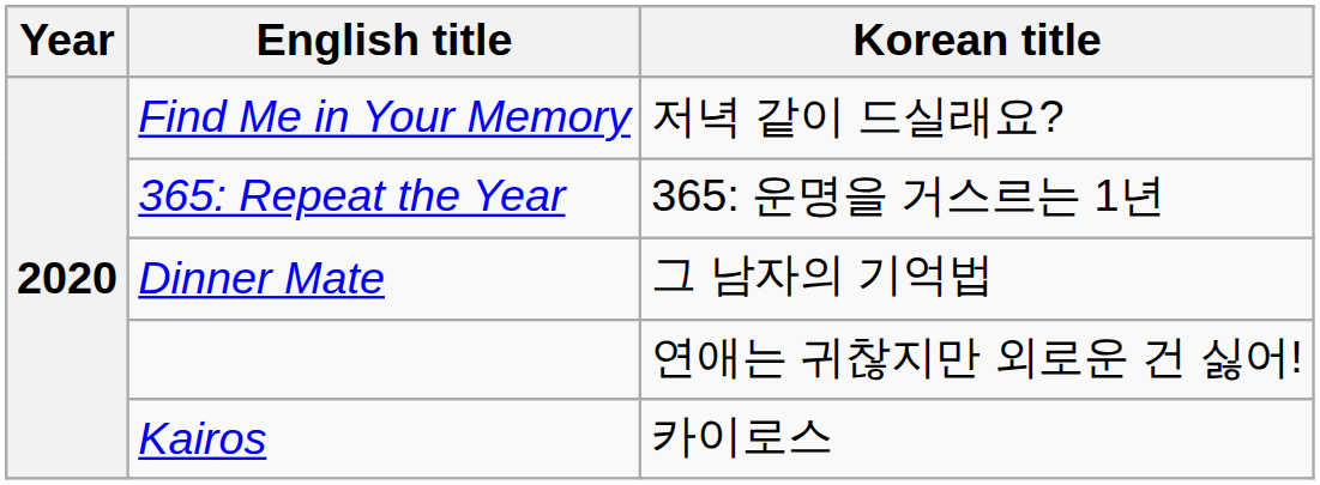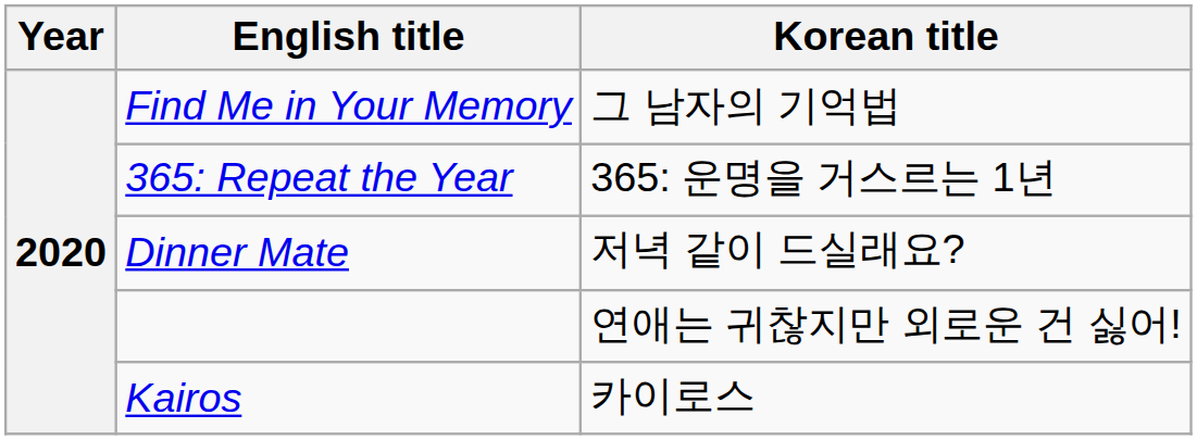 <table class="wikitable sortable plainrowheaders">
 <tr>
 <th scope="col">Year</th>
 <th scope="col">English title</th>
 <th scope="col">Korean title</th>
 </tr>
 <tr>
 <th scope="row" rowspan="5">2020</th>
 <td><em><a href='#'>Find Me in Your Memory</a></em></td>
-<td>저녁 같이 드실래요?</td>
+<td>그 남자의 기억법</td>
 </tr>
 <tr>
 <td><em><a href='#'>365: Repeat the Year</a></em></td>
 <td>365: 운명을 거스르는 1년</td>
 </tr>
 <tr>
 <td><em><a href='#'>Dinner Mate</a></em></td>
-<td>그 남자의 기억법</td>
+<td>저녁 같이 드실래요?</td>
 </tr>
 <tr>
 <td><em></em></td>
 <td>연애는 귀찮지만 외로운 건 싫어!</td>
 </tr>
 <tr>
 <td><em><a href='#'>Kairos</a></em></td>
 <td>카이로스</td>
 </tr>
 </table>
